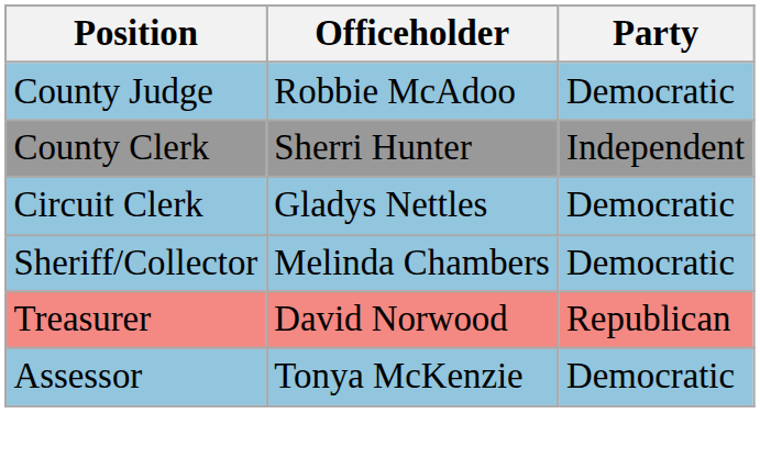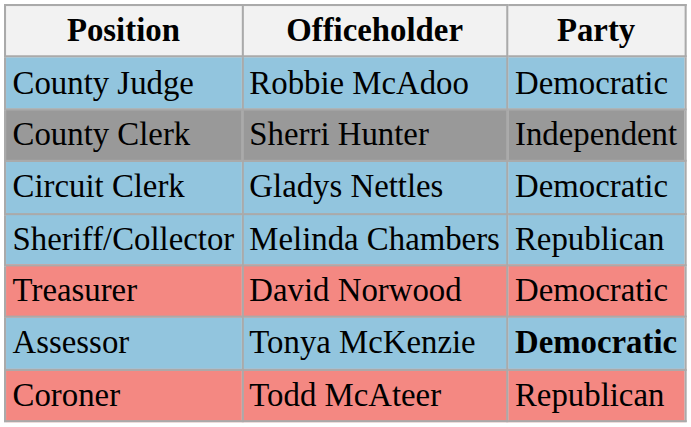 <table class="wikitable">
 <tr>
 <th>Position</th>
 <th>Officeholder</th>
 <th>Party</th>
 </tr>
 <tr style="background-color:#92C5DE;">
 <td>County Judge</td>
 <td>Robbie McAdoo</td>
 <td>Democratic</td>
 </tr>
 <tr style="background-color:#999999;">
 <td>County Clerk</td>
 <td>Sherri Hunter</td>
 <td>Independent</td>
 </tr>
 <tr style="background-color:#92C5DE;">
 <td>Circuit Clerk</td>
 <td>Gladys Nettles</td>
 <td>Democratic</td>
 </tr>
 <tr style="background-color:#92C5DE;">
 <td>Sheriff/Collector</td>
 <td>Melinda Chambers</td>
-<td>Democratic</td>
+<td>Republican</td>
 </tr>
 <tr style="background-color:#F48882;">
 <td>Treasurer</td>
 <td>David Norwood</td>
-<td>Republican</td>
+<td>Democratic</td>
 </tr>
 <tr style="background-color:#92C5DE;">
 <td>Assessor</td>
 <td>Tonya McKenzie</td>
-<td>Democratic</td>
+<td><strong>Democratic</strong></td>
+</tr>
+<tr style="background-color:#F48882;">
+<td>Coroner</td>
+<td>Todd McAteer</td>
+<td>Republican</td>
 </tr>
 </table>
